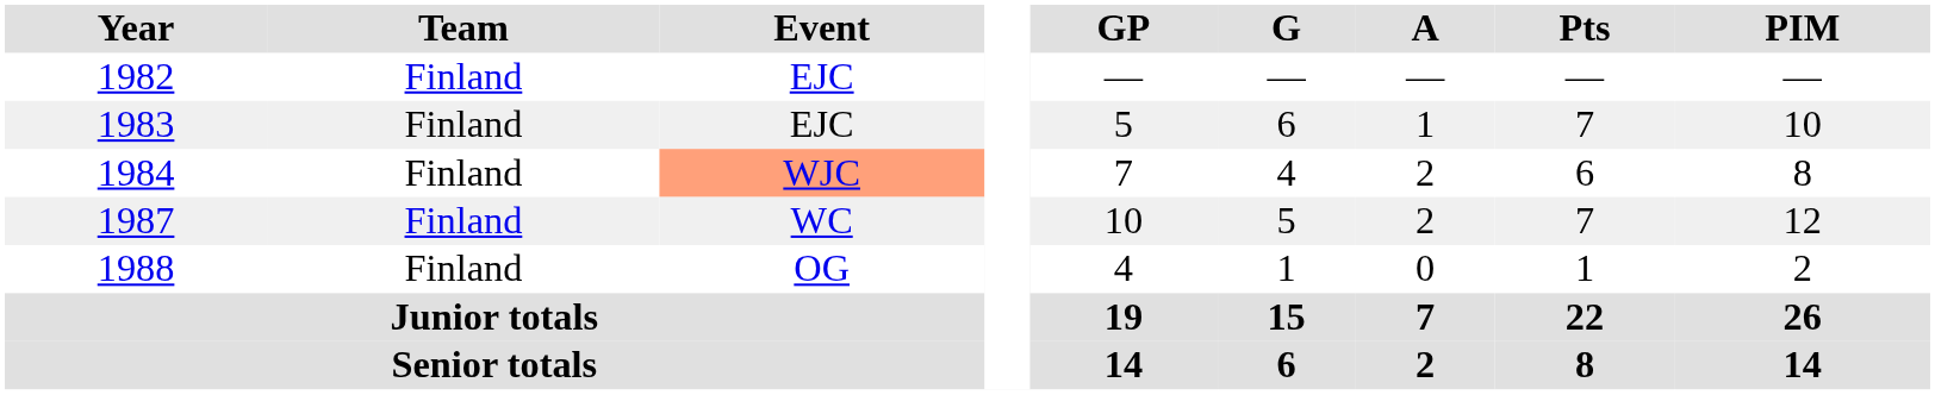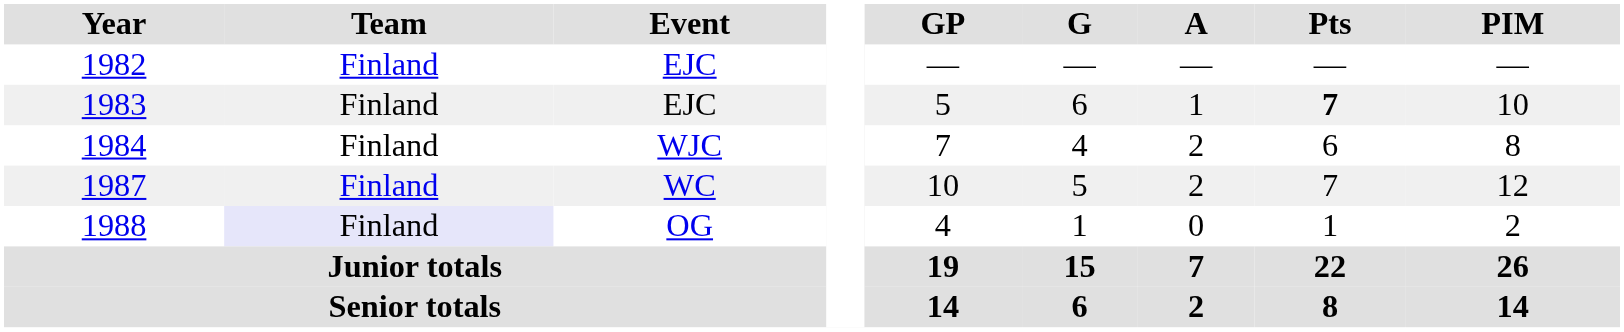 <table border="0" cellpadding="1" cellspacing="0" style="text-align:center; width:50em">
 <tr ALIGN="center" bgcolor="#e0e0e0">
 <th>Year</th>
 <th>Team</th>
 <th>Event</th>
 <th rowspan="99" bgcolor="#ffffff"> </th>
 <th>GP</th>
 <th>G</th>
 <th>A</th>
 <th>Pts</th>
 <th>PIM</th>
 </tr>
 <tr>
 <td><a href='#'>1982</a></td>
 <td><a href='#'>Finland</a></td>
 <td><a href='#'>EJC</a></td>
 <td>—</td>
 <td>—</td>
 <td>—</td>
 <td>—</td>
 <td>—</td>
 </tr>
 <tr bgcolor="#f0f0f0">
 <td><a href='#'>1983</a></td>
 <td>Finland</td>
 <td>EJC</td>
 <td>5</td>
 <td>6</td>
 <td>1</td>
-<td>7</td>
+<td><strong>7</strong></td>
 <td>10</td>
 </tr>
 <tr>
 <td><a href='#'>1984</a></td>
 <td>Finland</td>
-<td style="background: lightsalmon;"><a href='#'>WJC</a></td>
+<td><a href='#'>WJC</a></td>
 <td>7</td>
 <td>4</td>
 <td>2</td>
 <td>6</td>
 <td>8</td>
 </tr>
 <tr bgcolor="#f0f0f0">
 <td><a href='#'>1987</a></td>
 <td><a href='#'>Finland</a></td>
 <td><a href='#'>WC</a></td>
 <td>10</td>
 <td>5</td>
 <td>2</td>
 <td>7</td>
 <td>12</td>
 </tr>
 <tr>
 <td><a href='#'>1988</a></td>
-<td>Finland</td>
+<td style="background: lavender;">Finland</td>
 <td><a href='#'>OG</a></td>
 <td>4</td>
 <td>1</td>
 <td>0</td>
 <td>1</td>
 <td>2</td>
 </tr>
 <tr bgcolor="#e0e0e0">
 <th colspan=3>Junior totals</th>
 <th>19</th>
 <th>15</th>
 <th>7</th>
 <th>22</th>
 <th>26</th>
 </tr>
 <tr bgcolor="#e0e0e0">
 <th colspan=3>Senior totals</th>
 <th>14</th>
 <th>6</th>
 <th>2</th>
 <th>8</th>
 <th>14</th>
 </tr>
 </table>
